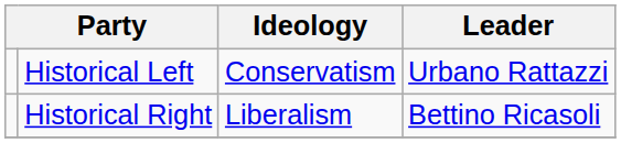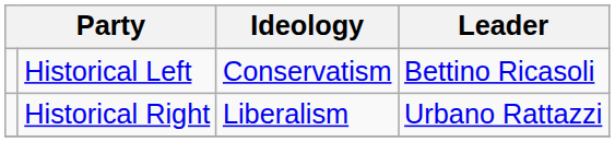 <table class=wikitable style="font-size:100%">
 <tr>
 <th colspan=2>Party</th>
 <th>Ideology</th>
 <th>Leader</th>
 </tr>
 <tr>
 <td style="color:inherit;background:"></td>
 <td><a href='#'>Historical Left</a></td>
 <td><a href='#'>Conservatism</a></td>
-<td><a href='#'>Urbano Rattazzi</a></td>
+<td><a href='#'>Bettino Ricasoli</a></td>
 </tr>
 <tr>
 <td style="color:inherit;background:"></td>
 <td><a href='#'>Historical Right</a></td>
 <td><a href='#'>Liberalism</a></td>
-<td><a href='#'>Bettino Ricasoli</a></td>
+<td><a href='#'>Urbano Rattazzi</a></td>
 </tr>
 <tr>
 </tr>
 </table>
